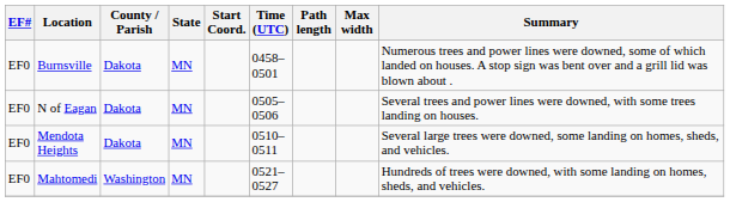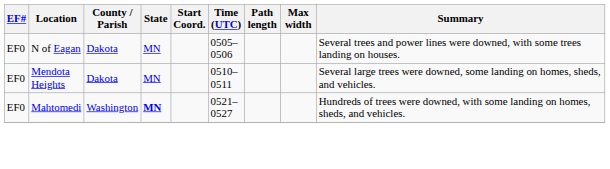 <table class="wikitable sortable" style="width:100%;">
 <tr>
 <th scope="col" width="3%" align="center"><a href='#'>EF#</a></th>
 <th scope="col" width="7%" align="center" class="unsortable">Location</th>
 <th scope="col" width="6%" align="center" class="unsortable">County / Parish</th>
 <th scope="col" width="5%" align="center">State</th>
 <th scope="col" width="6%" align="center">Start Coord.</th>
 <th scope="col" width="6%" align="center">Time (<a href='#'>UTC</a>)</th>
 <th scope="col" width="6%" align="center">Path length</th>
 <th scope="col" width="6%" align="center">Max width</th>
 <th scope="col" width="48%" class="unsortable" align="center">Summary</th>
-</tr>
-<tr>
-<td>EF0</td>
-<td><a href='#'>Burnsville</a></td>
-<td><a href='#'>Dakota</a></td>
-<td><a href='#'>MN</a></td>
-<td></td>
-<td>0458–0501</td>
-<td></td>
-<td></td>
-<td>Numerous trees and power lines were downed, some of which landed on houses. A stop sign was bent over and a grill lid was blown about .</td>
 </tr>
 <tr>
 <td>EF0</td>
 <td>N of <a href='#'>Eagan</a></td>
 <td><a href='#'>Dakota</a></td>
 <td><a href='#'>MN</a></td>
 <td></td>
 <td>0505–0506</td>
 <td></td>
 <td></td>
 <td>Several trees and power lines were downed, with some trees landing on houses.</td>
 </tr>
 <tr>
 <td>EF0</td>
 <td><a href='#'>Mendota Heights</a></td>
 <td><a href='#'>Dakota</a></td>
 <td><a href='#'>MN</a></td>
 <td></td>
 <td>0510–0511</td>
 <td></td>
 <td></td>
 <td>Several large trees were downed, some landing on homes, sheds, and vehicles.</td>
 </tr>
 <tr>
 <td>EF0</td>
 <td><a href='#'>Mahtomedi</a></td>
 <td><a href='#'>Washington</a></td>
-<td><a href='#'>MN</a></td>
+<td><strong><a href='#'>MN</a></strong></td>
 <td></td>
 <td>0521–0527</td>
 <td></td>
 <td></td>
 <td>Hundreds of trees were downed, with some landing on homes, sheds, and vehicles.</td>
 </tr>
 <tr>
 </tr>
 </table>
